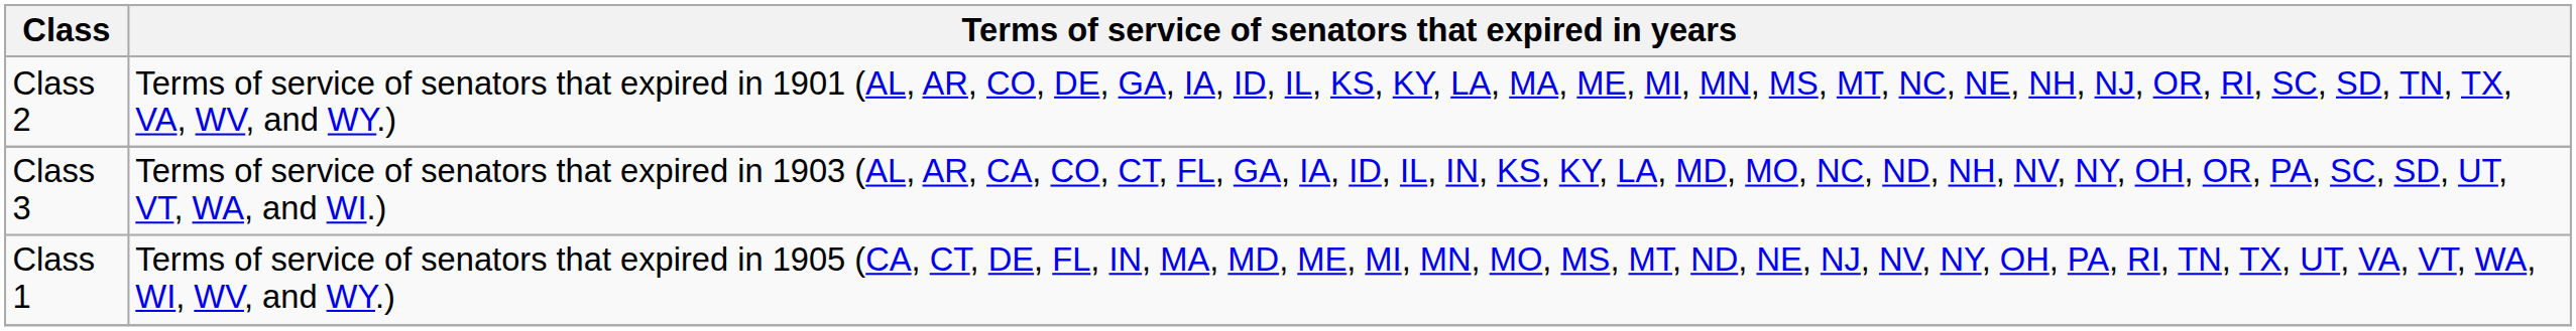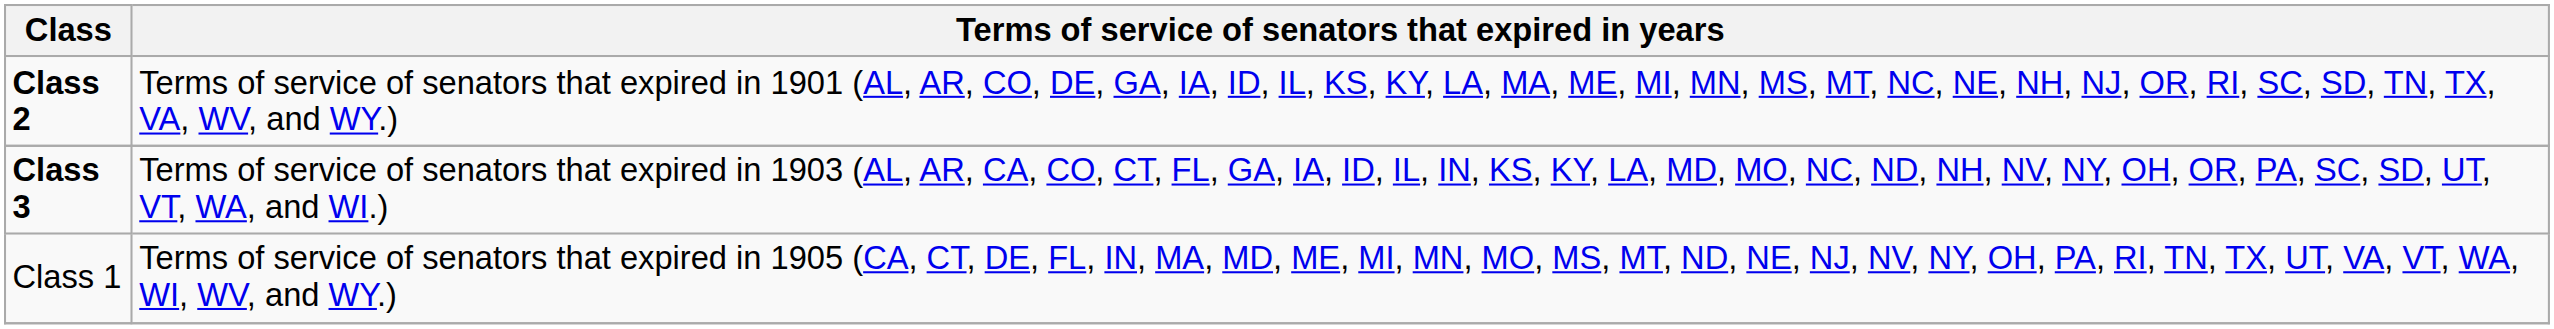 <table class="wikitable sortable">
 <tr valign=bottom>
 <th>Class</th>
 <th>Terms of service of senators that expired in years</th>
 </tr>
 <tr>
-<td>Class 2</td>
+<td><strong>Class 2</strong></td>
 <td>Terms of service of senators that expired in 1901 (<a href='#'>AL</a>, <a href='#'>AR</a>, <a href='#'>CO</a>, <a href='#'>DE</a>, <a href='#'>GA</a>, <a href='#'>IA</a>, <a href='#'>ID</a>, <a href='#'>IL</a>, <a href='#'>KS</a>, <a href='#'>KY</a>, <a href='#'>LA</a>, <a href='#'>MA</a>, <a href='#'>ME</a>, <a href='#'>MI</a>, <a href='#'>MN</a>, <a href='#'>MS</a>, <a href='#'>MT</a>, <a href='#'>NC</a>, <a href='#'>NE</a>, <a href='#'>NH</a>, <a href='#'>NJ</a>, <a href='#'>OR</a>, <a href='#'>RI</a>, <a href='#'>SC</a>, <a href='#'>SD</a>, <a href='#'>TN</a>, <a href='#'>TX</a>, <a href='#'>VA</a>, <a href='#'>WV</a>, and <a href='#'>WY</a>.)</td>
 </tr>
 <tr>
 </tr>
 <tr>
-<td>Class 3</td>
+<td><strong>Class 3</strong></td>
 <td>Terms of service of senators that expired in 1903 (<a href='#'>AL</a>, <a href='#'>AR</a>, <a href='#'>CA</a>, <a href='#'>CO</a>, <a href='#'>CT</a>, <a href='#'>FL</a>, <a href='#'>GA</a>, <a href='#'>IA</a>, <a href='#'>ID</a>, <a href='#'>IL</a>, <a href='#'>IN</a>, <a href='#'>KS</a>, <a href='#'>KY</a>, <a href='#'>LA</a>, <a href='#'>MD</a>, <a href='#'>MO</a>, <a href='#'>NC</a>, <a href='#'>ND</a>, <a href='#'>NH</a>, <a href='#'>NV</a>, <a href='#'>NY</a>, <a href='#'>OH</a>, <a href='#'>OR</a>, <a href='#'>PA</a>, <a href='#'>SC</a>, <a href='#'>SD</a>, <a href='#'>UT</a>, <a href='#'>VT</a>, <a href='#'>WA</a>, and <a href='#'>WI</a>.)</td>
 </tr>
 <tr>
 <td>Class 1</td>
 <td>Terms of service of senators that expired in 1905 (<a href='#'>CA</a>, <a href='#'>CT</a>, <a href='#'>DE</a>, <a href='#'>FL</a>, <a href='#'>IN</a>, <a href='#'>MA</a>, <a href='#'>MD</a>, <a href='#'>ME</a>,  <a href='#'>MI</a>, <a href='#'>MN</a>, <a href='#'>MO</a>, <a href='#'>MS</a>, <a href='#'>MT</a>, <a href='#'>ND</a>, <a href='#'>NE</a>, <a href='#'>NJ</a>,  <a href='#'>NV</a>, <a href='#'>NY</a>, <a href='#'>OH</a>, <a href='#'>PA</a>, <a href='#'>RI</a>, <a href='#'>TN</a>, <a href='#'>TX</a>, <a href='#'>UT</a>, <a href='#'>VA</a>, <a href='#'>VT</a>, <a href='#'>WA</a>, <a href='#'>WI</a>, <a href='#'>WV</a>, and <a href='#'>WY</a>.)</td>
 </tr>
 <tr>
 </tr>
 </table>
